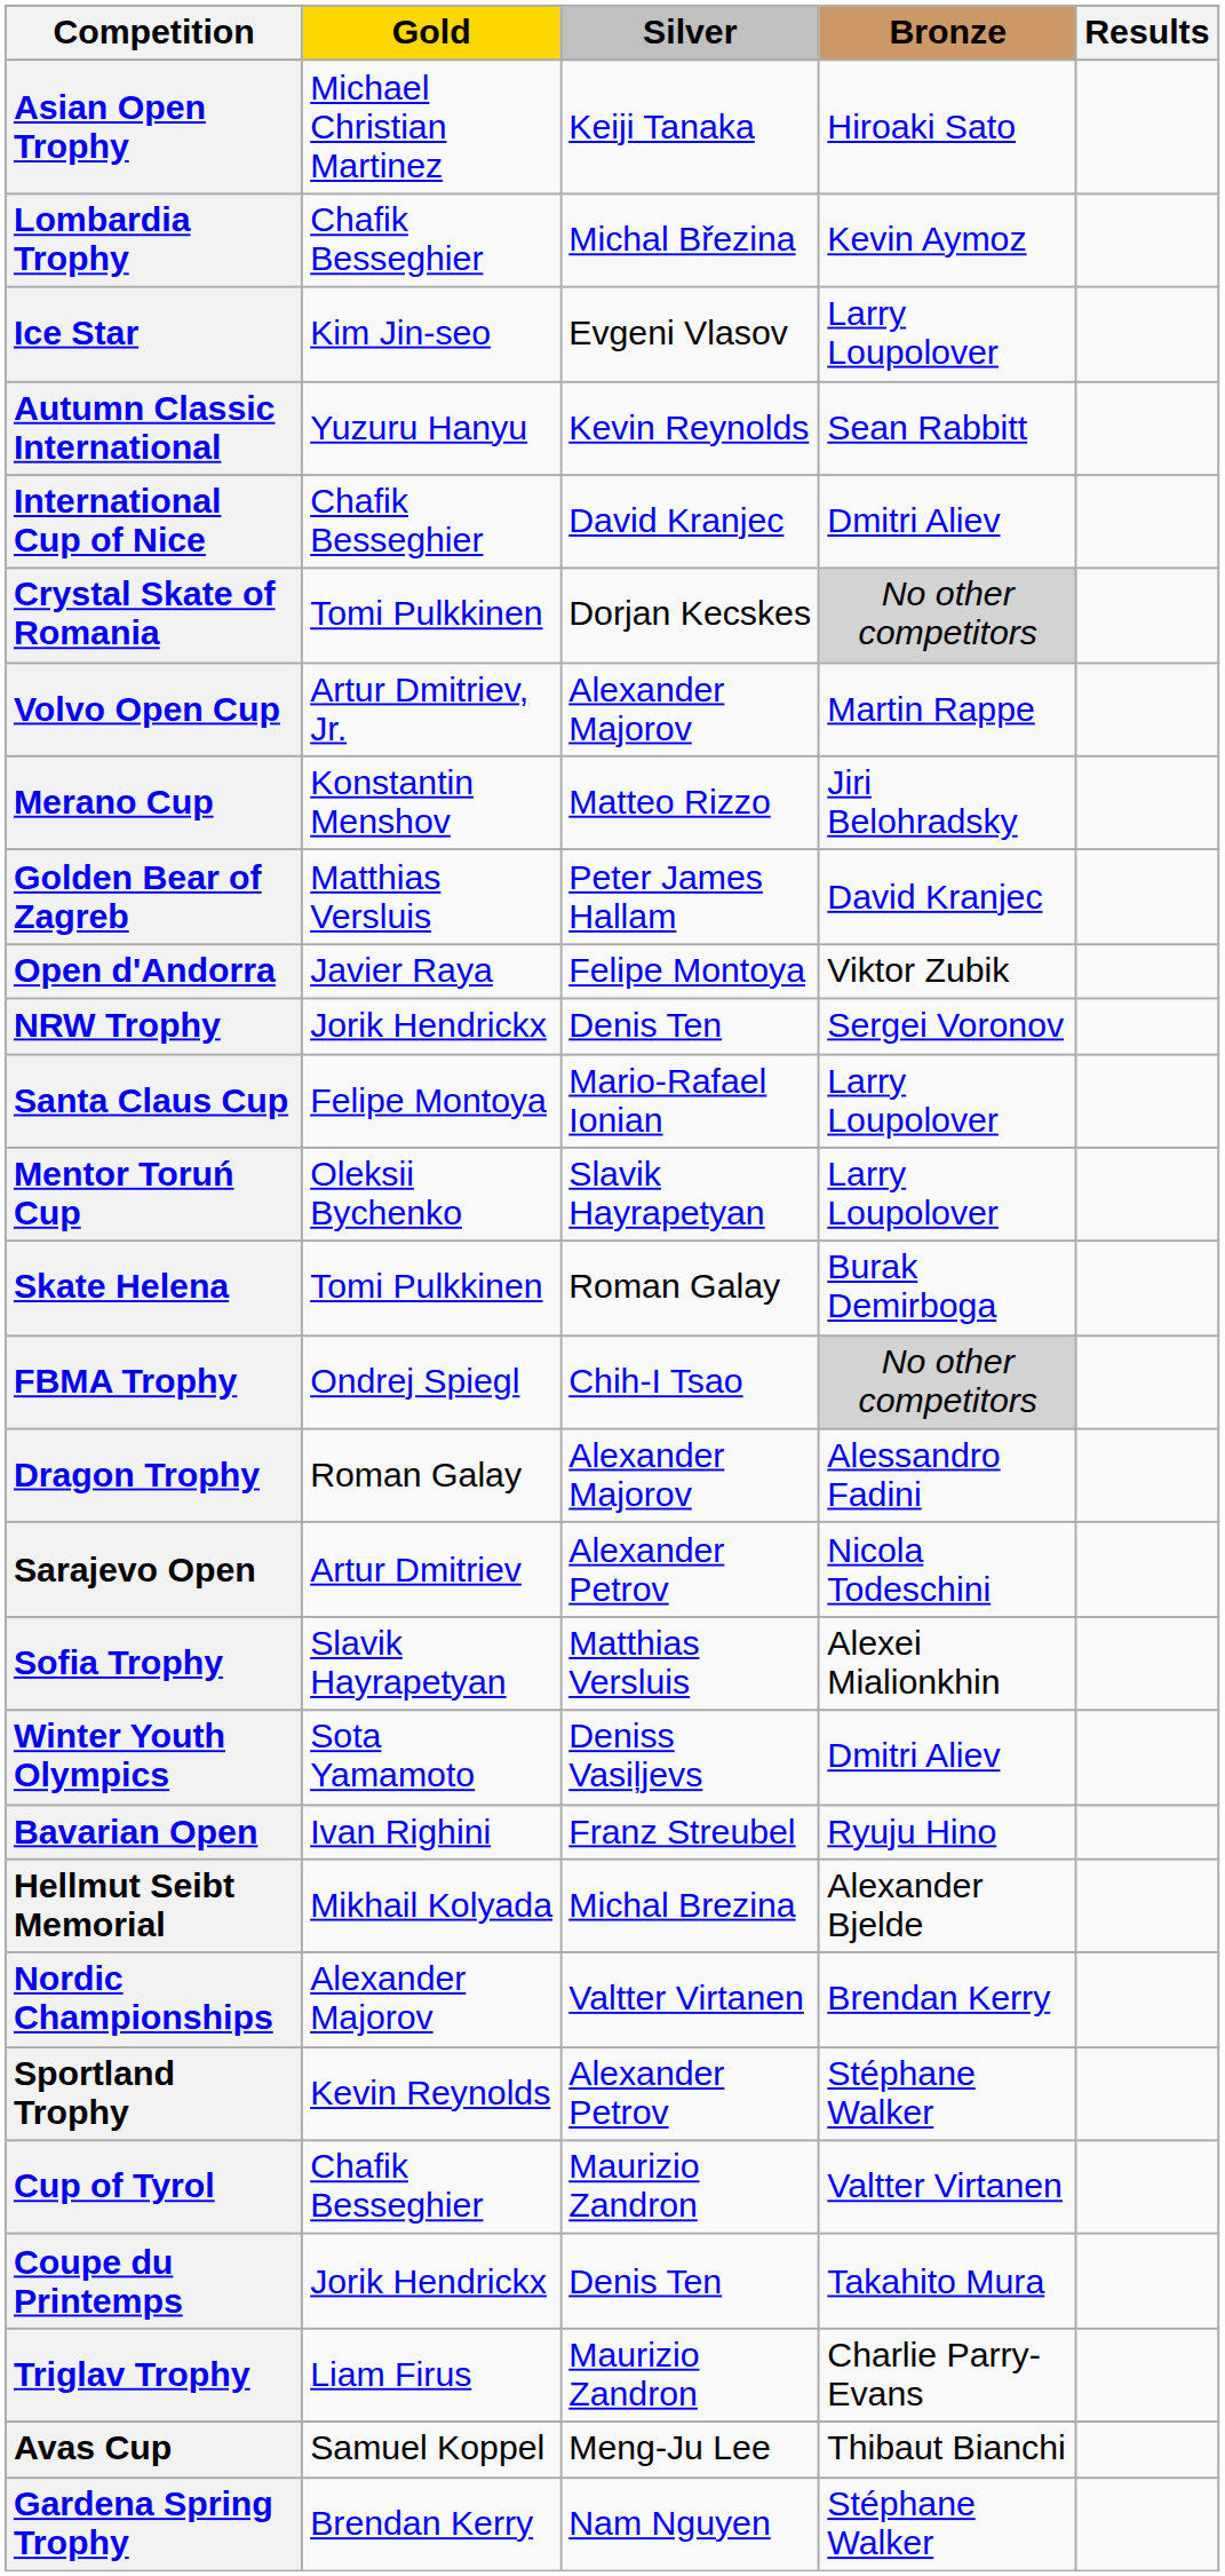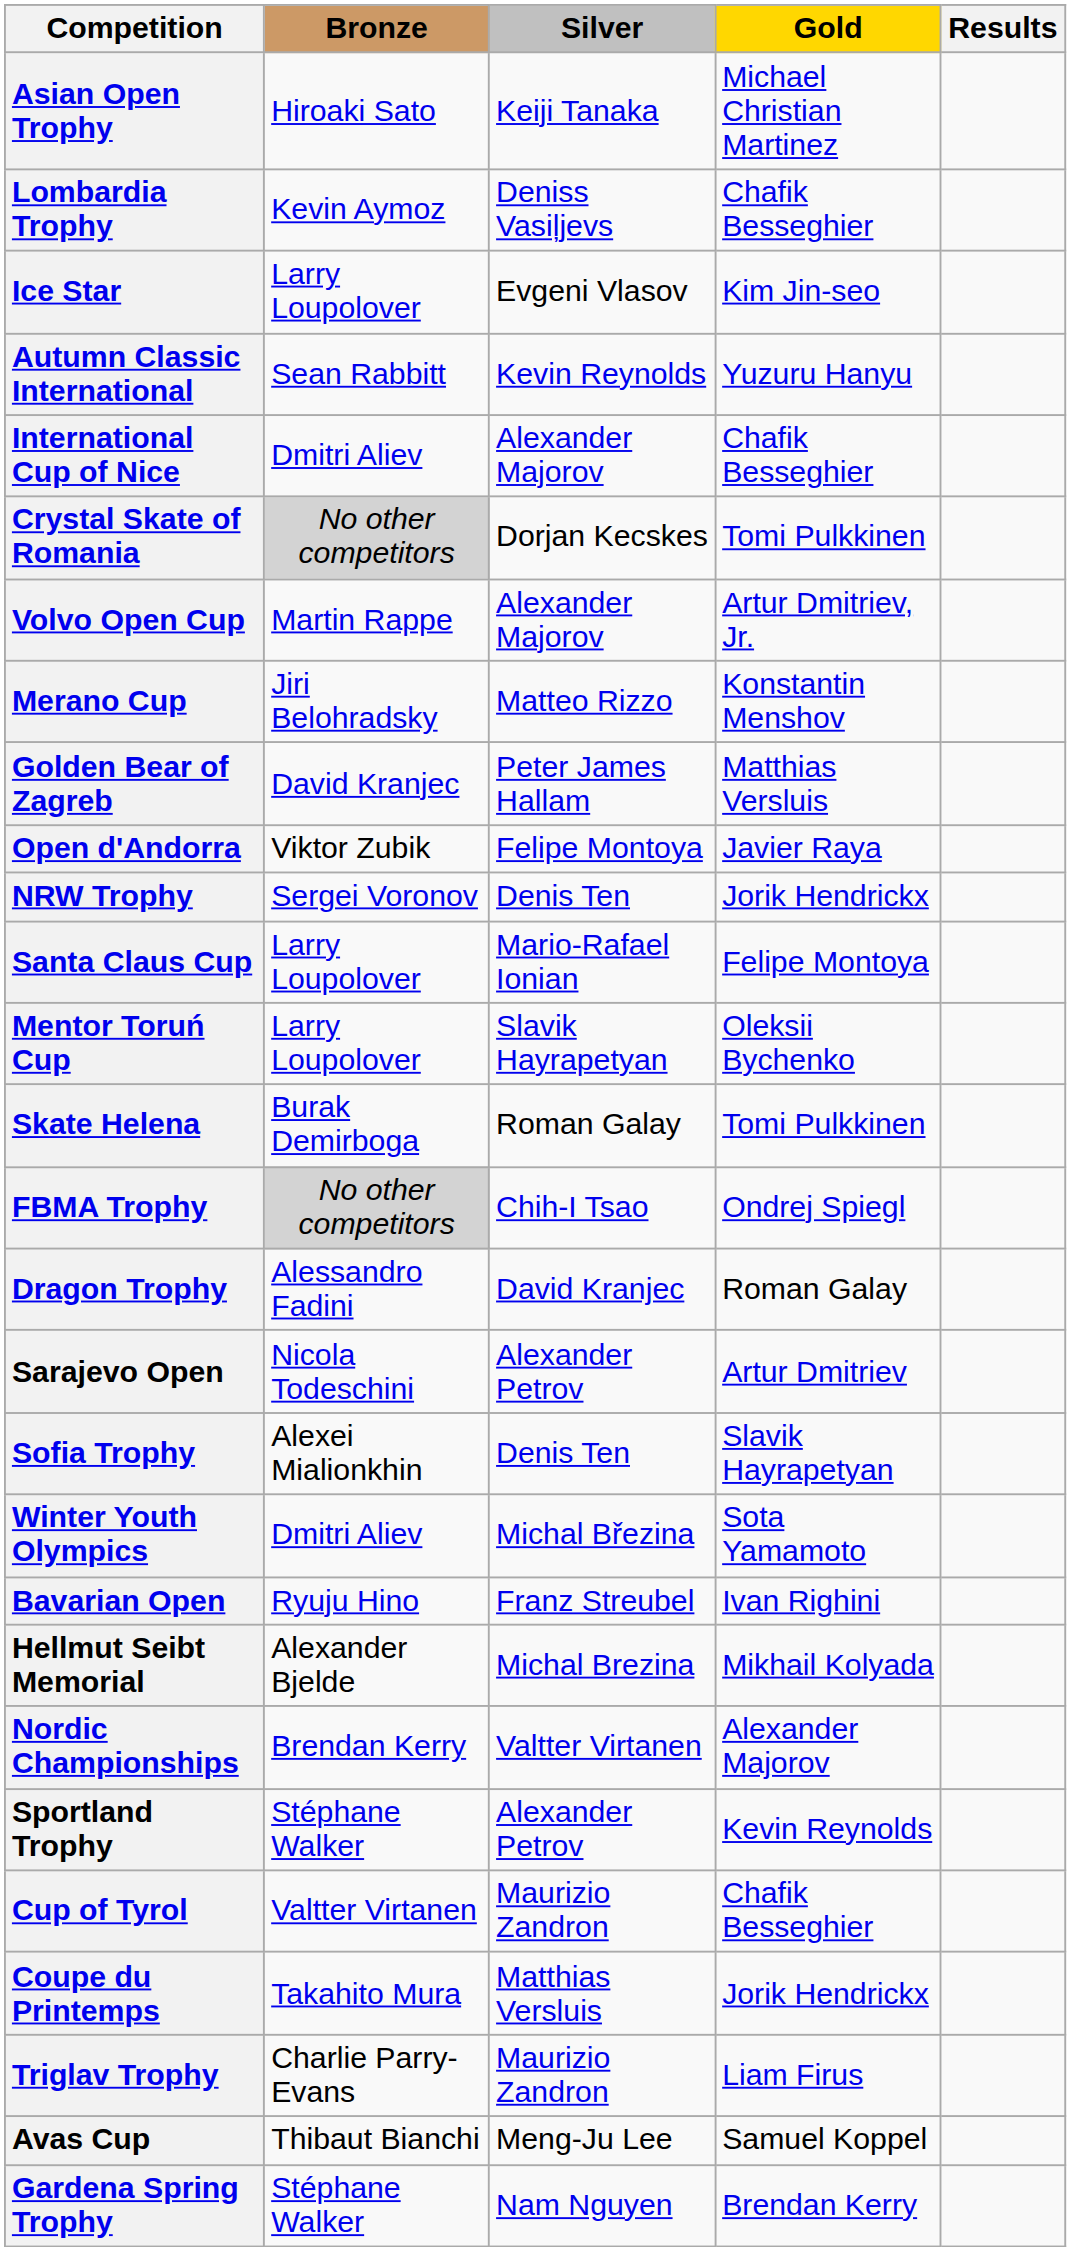 <table class="wikitable unsortable" style="text-align:left; width:90%;">
 <tr>
 <th scope="col" style="text-align:center; width:25%;">Competition</th>
+<td scope="col" style="text-align:center; width:22.5%; background:#c96"><strong>Bronze</strong></td>
+<td scope="col" style="text-align:center; width:22.5%; background:silver"><strong>Silver</strong></td>
 <td scope="col" style="text-align:center; width:22.5%; background:gold"><strong>Gold</strong></td>
-<td scope="col" style="text-align:center; width:22.5%; background:silver"><strong>Silver</strong></td>
-<td scope="col" style="text-align:center; width:22.5%; background:#c96"><strong>Bronze</strong></td>
 <th scope="col" style="text-align:center; width:7.5%;">Results</th>
 </tr>
 <tr>
 <th scope="row" style="text-align:left"> <a href='#'>Asian Open Trophy</a></th>
+<td> <a href='#'>Hiroaki Sato</a></td>
+<td> <a href='#'>Keiji Tanaka</a></td>
 <td> <a href='#'>Michael Christian Martinez</a></td>
-<td> <a href='#'>Keiji Tanaka</a></td>
-<td> <a href='#'>Hiroaki Sato</a></td>
 <td></td>
 </tr>
 <tr>
 <th scope="row" style="text-align:left"> <a href='#'>Lombardia Trophy</a></th>
+<td> <a href='#'>Kevin Aymoz</a></td>
+<td> <a href='#'>Deniss Vasiļjevs</a></td>
 <td> <a href='#'>Chafik Besseghier</a></td>
-<td> <a href='#'>Michal Březina</a></td>
-<td> <a href='#'>Kevin Aymoz</a></td>
 <td></td>
 </tr>
 <tr>
 <th scope="row" style="text-align:left"> <a href='#'>Ice Star</a></th>
+<td> <a href='#'>Larry Loupolover</a></td>
+<td> Evgeni Vlasov</td>
 <td> <a href='#'>Kim Jin-seo</a></td>
-<td> Evgeni Vlasov</td>
-<td> <a href='#'>Larry Loupolover</a></td>
 <td></td>
 </tr>
 <tr>
 <th scope="row" style="text-align:left"> <a href='#'>Autumn Classic International</a></th>
+<td> <a href='#'>Sean Rabbitt</a></td>
+<td> <a href='#'>Kevin Reynolds</a></td>
 <td> <a href='#'>Yuzuru Hanyu</a></td>
-<td> <a href='#'>Kevin Reynolds</a></td>
-<td> <a href='#'>Sean Rabbitt</a></td>
 <td></td>
 </tr>
 <tr>
 <th scope="row" style="text-align:left"> <a href='#'>International Cup of Nice</a></th>
+<td> <a href='#'>Dmitri Aliev</a></td>
+<td> <a href='#'>Alexander Majorov</a></td>
 <td> <a href='#'>Chafik Besseghier</a></td>
-<td> <a href='#'>David Kranjec</a></td>
-<td> <a href='#'>Dmitri Aliev</a></td>
 <td></td>
 </tr>
 <tr>
 <th scope="row" style="text-align:left"> <a href='#'>Crystal Skate of Romania</a></th>
+<td align=center bgcolor="lightgray"><em>No other competitors</em></td>
+<td> Dorjan Kecskes</td>
 <td> <a href='#'>Tomi Pulkkinen</a></td>
-<td> Dorjan Kecskes</td>
-<td align=center bgcolor="lightgray"><em>No other competitors</em></td>
 <td></td>
 </tr>
 <tr>
 <th scope="row" style="text-align:left"> <a href='#'>Volvo Open Cup</a></th>
+<td> <a href='#'>Martin Rappe</a></td>
+<td> <a href='#'>Alexander Majorov</a></td>
 <td> <a href='#'>Artur Dmitriev, Jr.</a></td>
-<td> <a href='#'>Alexander Majorov</a></td>
-<td> <a href='#'>Martin Rappe</a></td>
 <td></td>
 </tr>
 <tr>
 <th scope="row" style="text-align:left"> <a href='#'>Merano Cup</a></th>
+<td> <a href='#'>Jiri Belohradsky</a></td>
+<td> <a href='#'>Matteo Rizzo</a></td>
 <td> <a href='#'>Konstantin Menshov</a></td>
-<td> <a href='#'>Matteo Rizzo</a></td>
-<td> <a href='#'>Jiri Belohradsky</a></td>
 <td></td>
 </tr>
 <tr>
 <th scope="row" style="text-align:left"> <a href='#'>Golden Bear of Zagreb</a></th>
+<td> <a href='#'>David Kranjec</a></td>
+<td> <a href='#'>Peter James Hallam</a></td>
 <td> <a href='#'>Matthias Versluis</a></td>
-<td> <a href='#'>Peter James Hallam</a></td>
-<td> <a href='#'>David Kranjec</a></td>
 <td></td>
 </tr>
 <tr>
 <th scope="row" style="text-align:left"> <a href='#'>Open d'Andorra</a></th>
+<td> Viktor Zubik</td>
+<td> <a href='#'>Felipe Montoya</a></td>
 <td> <a href='#'>Javier Raya</a></td>
-<td> <a href='#'>Felipe Montoya</a></td>
-<td> Viktor Zubik</td>
 <td></td>
 </tr>
 <tr>
 <th scope="row" style="text-align:left"> <a href='#'>NRW Trophy</a></th>
+<td> <a href='#'>Sergei Voronov</a></td>
+<td> <a href='#'>Denis Ten</a></td>
 <td> <a href='#'>Jorik Hendrickx</a></td>
-<td> <a href='#'>Denis Ten</a></td>
-<td> <a href='#'>Sergei Voronov</a></td>
 <td></td>
 </tr>
 <tr>
 <th scope="row" style="text-align:left"> <a href='#'>Santa Claus Cup</a></th>
+<td> <a href='#'>Larry Loupolover</a></td>
+<td> <a href='#'>Mario-Rafael Ionian</a></td>
 <td> <a href='#'>Felipe Montoya</a></td>
-<td> <a href='#'>Mario-Rafael Ionian</a></td>
-<td> <a href='#'>Larry Loupolover</a></td>
 <td></td>
 </tr>
 <tr>
 <th scope="row" style="text-align:left"> <a href='#'>Mentor Toruń Cup</a></th>
+<td> <a href='#'>Larry Loupolover</a></td>
+<td> <a href='#'>Slavik Hayrapetyan</a></td>
 <td> <a href='#'>Oleksii Bychenko</a></td>
-<td> <a href='#'>Slavik Hayrapetyan</a></td>
-<td> <a href='#'>Larry Loupolover</a></td>
 <td></td>
 </tr>
 <tr>
 <th scope="row" style="text-align:left"> <a href='#'>Skate Helena</a></th>
+<td> <a href='#'>Burak Demirboga</a></td>
+<td> Roman Galay</td>
 <td> <a href='#'>Tomi Pulkkinen</a></td>
-<td> Roman Galay</td>
-<td> <a href='#'>Burak Demirboga</a></td>
 <td></td>
 </tr>
 <tr>
 <th scope="row" style="text-align:left"> <a href='#'>FBMA Trophy</a></th>
+<td align=center bgcolor="lightgray"><em>No other competitors</em></td>
+<td> <a href='#'>Chih-I Tsao</a></td>
 <td> <a href='#'>Ondrej Spiegl</a></td>
-<td> <a href='#'>Chih-I Tsao</a></td>
-<td align=center bgcolor="lightgray"><em>No other competitors</em></td>
 <td></td>
 </tr>
 <tr>
 <th scope="row" style="text-align:left"> <a href='#'>Dragon Trophy</a></th>
+<td> <a href='#'>Alessandro Fadini</a></td>
+<td> <a href='#'>David Kranjec</a></td>
 <td> Roman Galay</td>
-<td> <a href='#'>Alexander Majorov</a></td>
-<td> <a href='#'>Alessandro Fadini</a></td>
 <td></td>
 </tr>
 <tr>
 <th scope="row" style="text-align:left"> Sarajevo Open</th>
+<td> <a href='#'>Nicola Todeschini</a></td>
+<td> <a href='#'>Alexander Petrov</a></td>
 <td> <a href='#'>Artur Dmitriev</a></td>
-<td> <a href='#'>Alexander Petrov</a></td>
-<td> <a href='#'>Nicola Todeschini</a></td>
 <td></td>
 </tr>
 <tr>
 <th scope="row" style="text-align:left"> <a href='#'>Sofia Trophy</a></th>
+<td> Alexei Mialionkhin</td>
+<td> <a href='#'>Denis Ten</a></td>
 <td> <a href='#'>Slavik Hayrapetyan</a></td>
-<td> <a href='#'>Matthias Versluis</a></td>
-<td> Alexei Mialionkhin</td>
 <td></td>
 </tr>
 <tr>
 <th scope="row" style="text-align:left"> <a href='#'>Winter Youth Olympics</a></th>
+<td> <a href='#'>Dmitri Aliev</a></td>
+<td> <a href='#'>Michal Březina</a></td>
 <td> <a href='#'>Sota Yamamoto</a></td>
-<td> <a href='#'>Deniss Vasiļjevs</a></td>
-<td> <a href='#'>Dmitri Aliev</a></td>
 <td></td>
 </tr>
 <tr>
 <th scope="row" style="text-align:left"> <a href='#'>Bavarian Open</a></th>
+<td> <a href='#'>Ryuju Hino</a></td>
+<td> <a href='#'>Franz Streubel</a></td>
 <td> <a href='#'>Ivan Righini</a></td>
-<td> <a href='#'>Franz Streubel</a></td>
-<td> <a href='#'>Ryuju Hino</a></td>
 <td></td>
 </tr>
 <tr>
 <th scope="row" style="text-align:left"> Hellmut Seibt Memorial</th>
+<td> Alexander Bjelde</td>
+<td> <a href='#'>Michal Brezina</a></td>
 <td> <a href='#'>Mikhail Kolyada</a></td>
-<td> <a href='#'>Michal Brezina</a></td>
-<td> Alexander Bjelde</td>
 <td></td>
 </tr>
 <tr>
 <th scope="row" style="text-align:left"> <a href='#'>Nordic Championships</a></th>
+<td> <a href='#'>Brendan Kerry</a></td>
+<td> <a href='#'>Valtter Virtanen</a></td>
 <td> <a href='#'>Alexander Majorov</a></td>
-<td> <a href='#'>Valtter Virtanen</a></td>
-<td> <a href='#'>Brendan Kerry</a></td>
 <td></td>
 </tr>
 <tr>
 <th scope="row" style="text-align:left"> Sportland Trophy</th>
+<td> <a href='#'>Stéphane Walker</a></td>
+<td> <a href='#'>Alexander Petrov</a></td>
 <td> <a href='#'>Kevin Reynolds</a></td>
-<td> <a href='#'>Alexander Petrov</a></td>
-<td> <a href='#'>Stéphane Walker</a></td>
 <td></td>
 </tr>
 <tr>
 <th scope="row" style="text-align:left"> <a href='#'>Cup of Tyrol</a></th>
+<td> <a href='#'>Valtter Virtanen</a></td>
+<td> <a href='#'>Maurizio Zandron</a></td>
 <td> <a href='#'>Chafik Besseghier</a></td>
-<td> <a href='#'>Maurizio Zandron</a></td>
-<td> <a href='#'>Valtter Virtanen</a></td>
 <td></td>
 </tr>
 <tr>
 <th scope="row" style="text-align:left"> <a href='#'>Coupe du Printemps</a></th>
+<td> <a href='#'>Takahito Mura</a></td>
+<td> <a href='#'>Matthias Versluis</a></td>
 <td> <a href='#'>Jorik Hendrickx</a></td>
-<td> <a href='#'>Denis Ten</a></td>
-<td> <a href='#'>Takahito Mura</a></td>
 <td></td>
 </tr>
 <tr>
 <th scope="row" style="text-align:left"> <a href='#'>Triglav Trophy</a></th>
+<td> Charlie Parry-Evans</td>
+<td> <a href='#'>Maurizio Zandron</a></td>
 <td> <a href='#'>Liam Firus</a></td>
-<td> <a href='#'>Maurizio Zandron</a></td>
-<td> Charlie Parry-Evans</td>
 <td></td>
 </tr>
 <tr>
 <th scope="row" style="text-align:left"> Avas Cup</th>
+<td> Thibaut Bianchi</td>
+<td> Meng-Ju Lee</td>
 <td> Samuel Koppel</td>
-<td> Meng-Ju Lee</td>
-<td> Thibaut Bianchi</td>
 <td></td>
 </tr>
 <tr>
 <th scope="row" style="text-align:left"> <a href='#'>Gardena Spring Trophy</a></th>
+<td> <a href='#'>Stéphane Walker</a></td>
+<td> <a href='#'>Nam Nguyen</a></td>
 <td> <a href='#'>Brendan Kerry</a></td>
-<td> <a href='#'>Nam Nguyen</a></td>
-<td> <a href='#'>Stéphane Walker</a></td>
 <td></td>
 </tr>
 </table>
